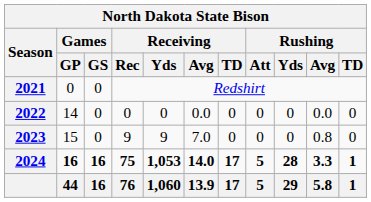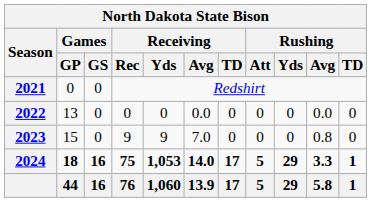 <table class="wikitable" style="text-align:center;">
 <tr>
 <th colspan="11">North Dakota State Bison</th>
 </tr>
 <tr>
 <th rowspan="2">Season</th>
 <th colspan="2">Games</th>
 <th colspan="4">Receiving</th>
 <th colspan="4">Rushing</th>
 </tr>
 <tr>
 <th>GP</th>
 <th>GS</th>
 <th>Rec</th>
 <th>Yds</th>
 <th>Avg</th>
 <th>TD</th>
 <th>Att</th>
 <th>Yds</th>
 <th>Avg</th>
 <th>TD</th>
 </tr>
 <tr>
 <th><a href='#'>2021</a></th>
 <td>0</td>
 <td>0</td>
 <td colspan="8"> <em><a href='#'>Redshirt</a></em></td>
 </tr>
 <tr>
 <th><a href='#'>2022</a></th>
-<td>14</td>
+<td>13</td>
 <td>0</td>
 <td>0</td>
 <td>0</td>
 <td>0.0</td>
 <td>0</td>
 <td>0</td>
 <td>0</td>
 <td>0.0</td>
 <td>0</td>
 </tr>
 <tr>
 <th><a href='#'>2023</a></th>
 <td>15</td>
 <td>0</td>
 <td>9</td>
 <td>9</td>
 <td>7.0</td>
 <td>0</td>
 <td>0</td>
 <td>0</td>
 <td>0.8</td>
 <td>0</td>
 </tr>
 <tr>
 <th><a href='#'>2024</a></th>
-<td><strong>16</strong></td>
+<td><strong>18</strong></td>
 <td><strong>16</strong></td>
 <td><strong>75</strong></td>
 <td><strong>1,053</strong></td>
 <td><strong>14.0</strong></td>
 <td><strong>17</strong></td>
 <td><strong>5</strong></td>
-<td><strong>28</strong></td>
+<td><strong>29</strong></td>
 <td><strong>3.3</strong></td>
 <td><strong>1</strong></td>
 </tr>
 <tr>
 <th></th>
 <th>44</th>
 <th>16</th>
 <th>76</th>
 <th>1,060</th>
 <th>13.9</th>
 <th>17</th>
 <th>5</th>
 <th>29</th>
 <th>5.8</th>
 <th>1</th>
 </tr>
 </table>
